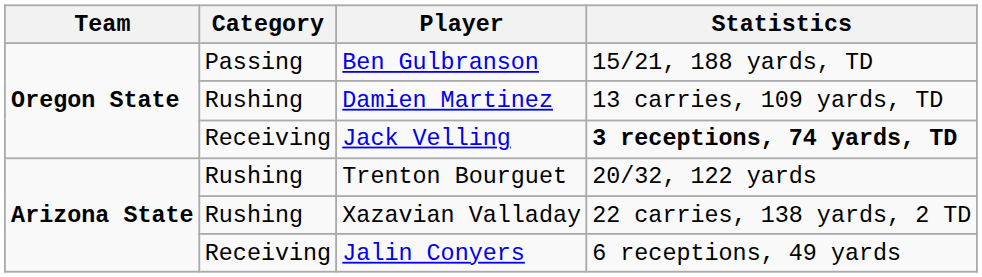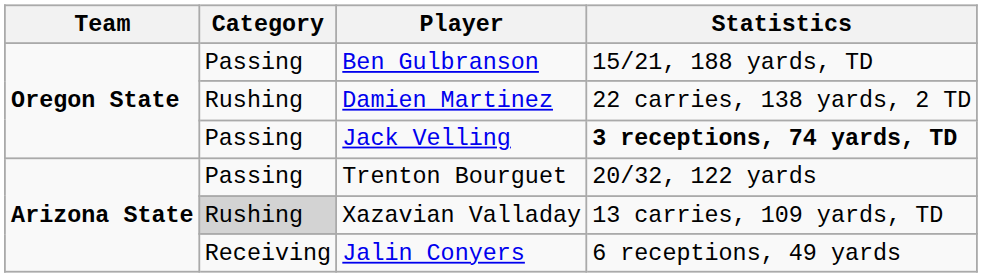 <table class="wikitable" style="float: right;">
 <tr>
 <th>Team</th>
 <th>Category</th>
 <th>Player</th>
 <th>Statistics</th>
 </tr>
 <tr>
 <td rowspan=3><strong>Oregon State</strong></td>
 <td>Passing</td>
 <td><a href='#'>Ben Gulbranson</a></td>
 <td>15/21, 188 yards, TD</td>
 </tr>
 <tr>
 <td>Rushing</td>
 <td><a href='#'>Damien Martinez</a></td>
-<td>13 carries, 109 yards, TD</td>
+<td>22 carries, 138 yards, 2 TD</td>
 </tr>
 <tr>
-<td>Receiving</td>
+<td>Passing</td>
 <td><a href='#'>Jack Velling</a></td>
 <td><strong>3 receptions, 74 yards, TD</strong></td>
 </tr>
 <tr>
 <td rowspan=3><strong>Arizona State</strong></td>
-<td>Rushing</td>
+<td>Passing</td>
 <td>Trenton Bourguet</td>
 <td>20/32, 122 yards</td>
 </tr>
 <tr>
-<td>Rushing</td>
+<td style="background: lightgrey;">Rushing</td>
 <td>Xazavian Valladay</td>
-<td>22 carries, 138 yards, 2 TD</td>
+<td>13 carries, 109 yards, TD</td>
 </tr>
 <tr>
 <td>Receiving</td>
 <td><a href='#'>Jalin Conyers</a></td>
 <td>6 receptions, 49 yards</td>
 </tr>
 </table>
